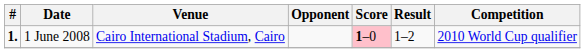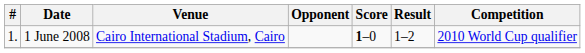 <table class="wikitable">
 <tr>
 <th>#</th>
 <th>Date</th>
 <th>Venue</th>
 <th>Opponent</th>
 <th>Score</th>
 <th>Result</th>
 <th>Competition</th>
 </tr>
 <tr>
-<td><strong>1.</strong></td>
+<td>1.</td>
 <td>1 June 2008</td>
 <td><a href='#'>Cairo International Stadium</a>, <a href='#'>Cairo</a></td>
 <td></td>
-<td style="background: pink;"><strong>1</strong>–0</td>
+<td><strong>1</strong>–0</td>
 <td>1–2</td>
 <td><a href='#'>2010 World Cup qualifier</a></td>
 </tr>
 <tr>
 </tr>
 </table>
